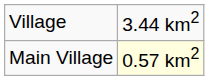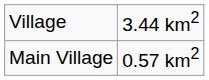 <table class="wikitable">
 <tr>
 <td>Village</td>
 <td>3.44 km<sup>2</sup></td>
 </tr>
 <tr>
 <td>Main Village</td>
-<td style="background: lightyellow;">0.57 km<sup>2</sup></td>
+<td>0.57 km<sup>2</sup></td>
 </tr>
 </table>
